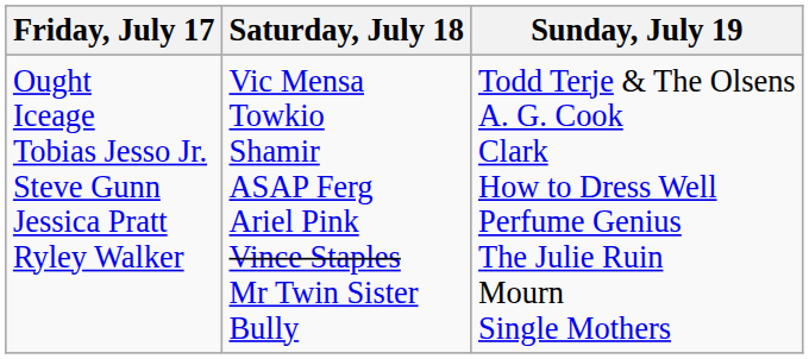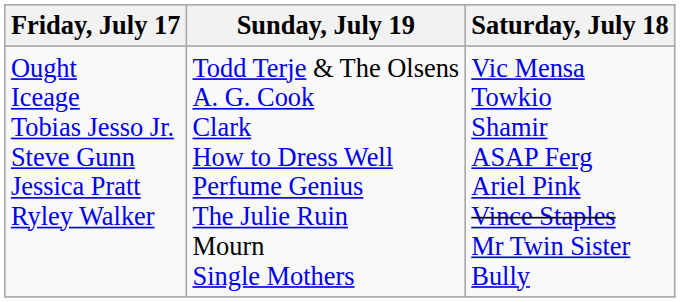 <table class="wikitable">
 <tr>
 <th>Friday, July 17</th>
+<th>Sunday, July 19</th>
 <th>Saturday, July 18</th>
-<th>Sunday, July 19</th>
 </tr>
 <tr valign="top">
 <td><a href='#'>Ought</a><br><a href='#'>Iceage</a><br><a href='#'>Tobias Jesso Jr.</a><br><a href='#'>Steve Gunn</a><br><a href='#'>Jessica Pratt</a><br><a href='#'>Ryley Walker</a></td>
+<td><a href='#'>Todd Terje</a> & The Olsens<br><a href='#'>A. G. Cook</a><br><a href='#'>Clark</a><br><a href='#'>How to Dress Well</a><br><a href='#'>Perfume Genius</a><br><a href='#'>The Julie Ruin</a><br>Mourn<br><a href='#'>Single Mothers</a></td>
 <td><a href='#'>Vic Mensa</a><br><a href='#'>Towkio</a><br><a href='#'>Shamir</a><br><a href='#'>ASAP Ferg</a><br><a href='#'>Ariel Pink</a><br><s><a href='#'>Vince Staples</a></s><br><a href='#'>Mr Twin Sister</a><br><a href='#'>Bully</a></td>
-<td><a href='#'>Todd Terje</a> & The Olsens<br><a href='#'>A. G. Cook</a><br><a href='#'>Clark</a><br><a href='#'>How to Dress Well</a><br><a href='#'>Perfume Genius</a><br><a href='#'>The Julie Ruin</a><br>Mourn<br><a href='#'>Single Mothers</a></td>
 </tr>
 </table>
